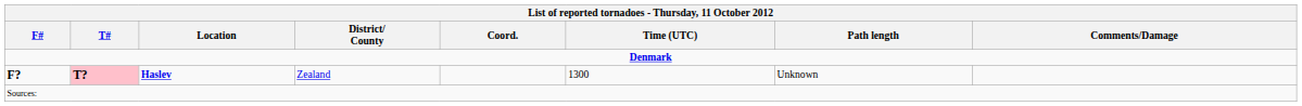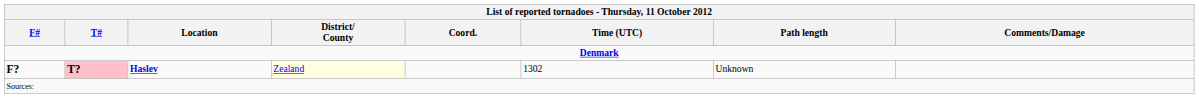 <table class="wikitable collapsible" width="100%">
 <tr>
 <th colspan="8">List of reported tornadoes - Thursday, 11 October 2012</th>
 </tr>
 <tr>
 <th><a href='#'>F#</a></th>
 <th><a href='#'>T#</a></th>
 <th>Location</th>
 <th>District/<br>County</th>
 <th>Coord.</th>
 <th>Time (UTC)</th>
 <th>Path length</th>
 <th>Comments/Damage</th>
 </tr>
 <tr>
 <td colspan="8" align=center><strong><a href='#'>Denmark</a></strong></td>
 </tr>
 <tr>
 <td><big><strong>F?</strong></big></td>
 <td style="background: pink;"><big><strong>T?</strong></big></td>
 <td><strong><a href='#'>Haslev</a></strong></td>
-<td><a href='#'>Zealand</a></td>
+<td style="background: lightyellow;"><a href='#'>Zealand</a></td>
 <td></td>
-<td>1300</td>
+<td>1302</td>
 <td>Unknown</td>
 <td></td>
 </tr>
 <tr>
 <td colspan="8"><small>Sources:  </small></td>
 </tr>
 </table>
